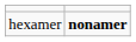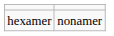 <table class="wikitable" style="text-align:center;">
 <tr>
 <td></td>
 <td></td>
 </tr>
 <tr>
 <td>hexamer</td>
-<td><strong>nonamer</strong></td>
+<td>nonamer</td>
 </tr>
 </table>
